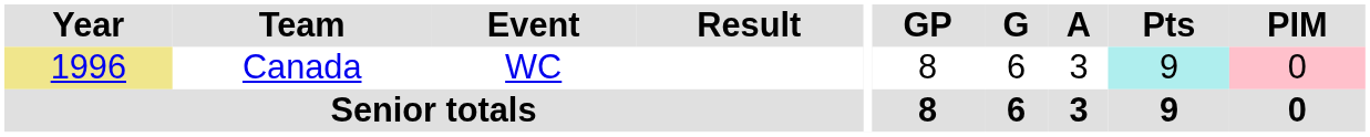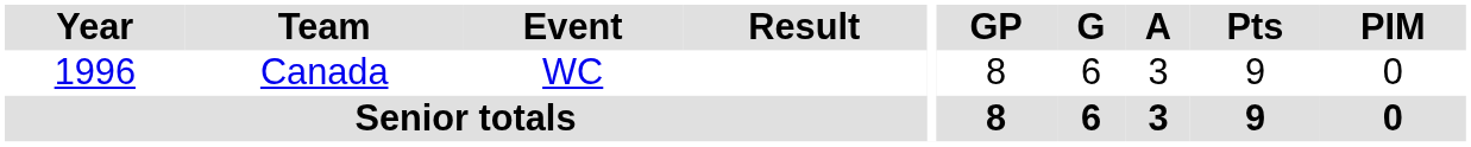 <table border="0" cellpadding="1" cellspacing="0" ID="Table3" style="text-align:center; width:40em">
 <tr bgcolor="#e0e0e0">
 <th>Year</th>
 <th>Team</th>
 <th>Event</th>
 <th>Result</th>
 <th rowspan="99" bgcolor="#ffffff"></th>
 <th>GP</th>
 <th>G</th>
 <th>A</th>
 <th>Pts</th>
 <th>PIM</th>
 </tr>
 <tr>
-<td style="background: khaki;"><a href='#'>1996</a></td>
+<td><a href='#'>1996</a></td>
 <td><a href='#'>Canada</a></td>
 <td><a href='#'>WC</a></td>
 <td></td>
 <td>8</td>
 <td>6</td>
 <td>3</td>
-<td style="background: paleturquoise;">9</td>
-<td style="background: pink;">0</td>
+<td>9</td>
+<td>0</td>
 </tr>
 <tr bgcolor="#e0e0e0">
 <th colspan="4">Senior totals</th>
 <th>8</th>
 <th>6</th>
 <th>3</th>
 <th>9</th>
 <th>0</th>
 </tr>
 </table>
